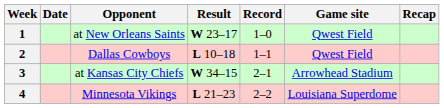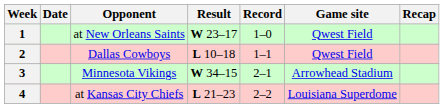 <table class="wikitable" style="text-align:center">
 <tr>
 <th>Week</th>
 <th>Date</th>
 <th>Opponent</th>
 <th>Result</th>
 <th>Record</th>
 <th>Game site</th>
 <th>Recap</th>
 </tr>
 <tr style="background:#cfc">
 <th>1</th>
 <td></td>
 <td>at <a href='#'>New Orleans Saints</a></td>
 <td><strong>W</strong> 23–17</td>
 <td>1–0</td>
 <td><a href='#'>Qwest Field</a></td>
 <td></td>
 </tr>
 <tr style="background:#fcc">
 <th>2</th>
 <td></td>
 <td><a href='#'>Dallas Cowboys</a></td>
 <td><strong>L</strong> 10–18</td>
 <td>1–1</td>
 <td><a href='#'>Qwest Field</a></td>
 <td></td>
 </tr>
 <tr style="background:#cfc">
 <th>3</th>
 <td></td>
-<td>at <a href='#'>Kansas City Chiefs</a></td>
+<td><a href='#'>Minnesota Vikings</a></td>
 <td><strong>W</strong> 34–15</td>
 <td>2–1</td>
 <td><a href='#'>Arrowhead Stadium</a></td>
 <td></td>
 </tr>
 <tr style="background:#fcc">
 <th>4</th>
 <td></td>
-<td><a href='#'>Minnesota Vikings</a></td>
+<td>at <a href='#'>Kansas City Chiefs</a></td>
 <td><strong>L</strong> 21–23</td>
 <td>2–2</td>
 <td><a href='#'>Louisiana Superdome</a></td>
 <td></td>
 </tr>
 </table>
